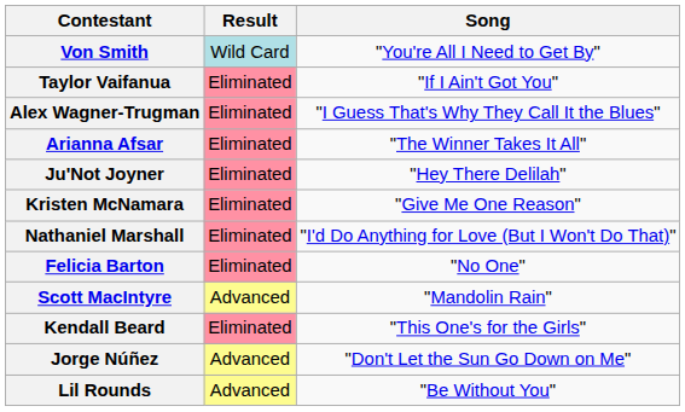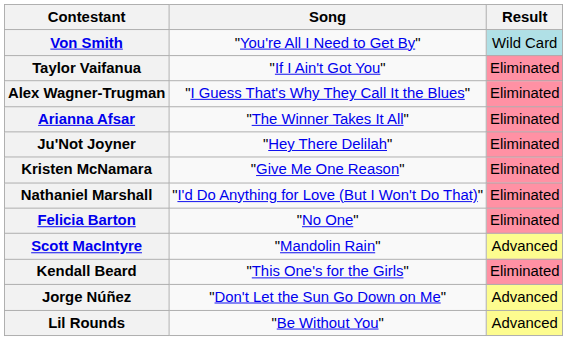 <table class="wikitable" style="text-align:center; line-height:20px;">
 <tr>
 <th scope="col">Contestant</th>
+<th scope="col">Song</th>
 <th scope="col">Result</th>
-<th scope="col">Song</th>
 </tr>
 <tr>
 <th scope="row"><a href='#'>Von Smith</a></th>
+<td>"<a href='#'>You're All I Need to Get By</a>"</td>
 <td style="background:#B0E0E6;">Wild Card</td>
-<td>"<a href='#'>You're All I Need to Get By</a>"</td>
 </tr>
 <tr>
 <th scope="row">Taylor Vaifanua</th>
+<td>"<a href='#'>If I Ain't Got You</a>"</td>
 <td style="background:#FF91A4;">Eliminated</td>
-<td>"<a href='#'>If I Ain't Got You</a>"</td>
 </tr>
 <tr>
 <th scope="row">Alex Wagner-Trugman</th>
+<td>"<a href='#'>I Guess That's Why They Call It the Blues</a>"</td>
 <td style="background:#FF91A4;">Eliminated</td>
-<td>"<a href='#'>I Guess That's Why They Call It the Blues</a>"</td>
 </tr>
 <tr>
 <th scope="row"><a href='#'>Arianna Afsar</a></th>
+<td>"<a href='#'>The Winner Takes It All</a>"</td>
 <td style="background:#FF91A4;">Eliminated</td>
-<td>"<a href='#'>The Winner Takes It All</a>"</td>
 </tr>
 <tr>
 <th scope="row">Ju'Not Joyner</th>
+<td>"<a href='#'>Hey There Delilah</a>"</td>
 <td style="background:#FF91A4;">Eliminated</td>
-<td>"<a href='#'>Hey There Delilah</a>"</td>
 </tr>
 <tr>
 <th scope="row">Kristen McNamara</th>
+<td>"<a href='#'>Give Me One Reason</a>"</td>
 <td style="background:#FF91A4;">Eliminated</td>
-<td>"<a href='#'>Give Me One Reason</a>"</td>
 </tr>
 <tr>
 <th scope="row">Nathaniel Marshall</th>
+<td>"<a href='#'>I'd Do Anything for Love (But I Won't Do That)</a>"</td>
 <td style="background:#FF91A4;">Eliminated</td>
-<td>"<a href='#'>I'd Do Anything for Love (But I Won't Do That)</a>"</td>
 </tr>
 <tr>
 <th scope="row"><a href='#'>Felicia Barton</a></th>
+<td>"<a href='#'>No One</a>"</td>
 <td style="background:#FF91A4;">Eliminated</td>
-<td>"<a href='#'>No One</a>"</td>
 </tr>
 <tr>
 <th scope="row"><a href='#'>Scott MacIntyre</a></th>
+<td>"<a href='#'>Mandolin Rain</a>"</td>
 <td bgcolor="fdfc8f">Advanced</td>
-<td>"<a href='#'>Mandolin Rain</a>"</td>
 </tr>
 <tr>
 <th scope="row">Kendall Beard</th>
+<td>"<a href='#'>This One's for the Girls</a>"</td>
 <td style="background:#FF91A4;">Eliminated</td>
-<td>"<a href='#'>This One's for the Girls</a>"</td>
 </tr>
 <tr>
 <th scope="row">Jorge Núñez</th>
+<td>"<a href='#'>Don't Let the Sun Go Down on Me</a>"</td>
 <td bgcolor="fdfc8f">Advanced</td>
-<td>"<a href='#'>Don't Let the Sun Go Down on Me</a>"</td>
 </tr>
 <tr>
 <th scope="row">Lil Rounds</th>
+<td>"<a href='#'>Be Without You</a>"</td>
 <td bgcolor="fdfc8f">Advanced</td>
-<td>"<a href='#'>Be Without You</a>"</td>
 </tr>
 </table>
